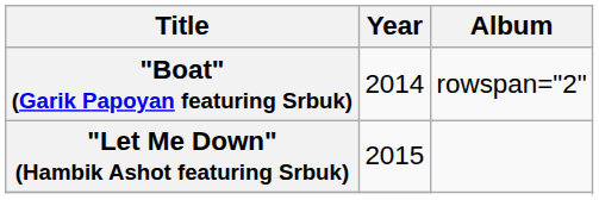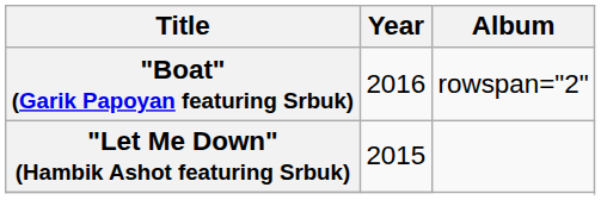 <table class="wikitable plainrowheaders" style="text-align:center;">
 <tr>
 <th scope="col">Title</th>
 <th scope="col">Year</th>
 <th scope="col">Album</th>
 </tr>
 <tr>
 <th scope="row">"Boat"<br><small>(<a href='#'>Garik Papoyan</a> featuring Srbuk)</small></th>
-<td>2014</td>
+<td>2016</td>
 <td>rowspan="2" </td>
 </tr>
 <tr>
 <th scope="row">"Let Me Down"<br><small>(Hambik Ashot featuring Srbuk)</small></th>
 <td>2015</td>
 </tr>
 <tr>
 </tr>
 </table>
